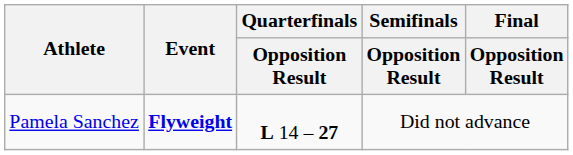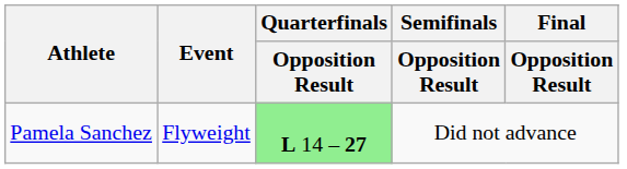 <table class="wikitable" border="1" style="font-size:90%">
 <tr>
 <th rowspan=2>Athlete</th>
 <th rowspan=2>Event</th>
 <th>Quarterfinals</th>
 <th>Semifinals</th>
 <th>Final</th>
 </tr>
 <tr>
 <th>Opposition<br>Result</th>
 <th>Opposition<br>Result</th>
 <th>Opposition<br>Result</th>
 </tr>
 <tr>
 <td><a href='#'>Pamela Sanchez</a></td>
-<td><strong><a href='#'>Flyweight</a></strong></td>
-<td align=center><br><strong>L</strong> 14 – <strong>27</strong></td>
+<td><a href='#'>Flyweight</a></td>
+<td align=center style="background: lightgreen;"><br><strong>L</strong> 14 – <strong>27</strong></td>
 <td align=center colspan="7">Did not advance</td>
 </tr>
 </table>
